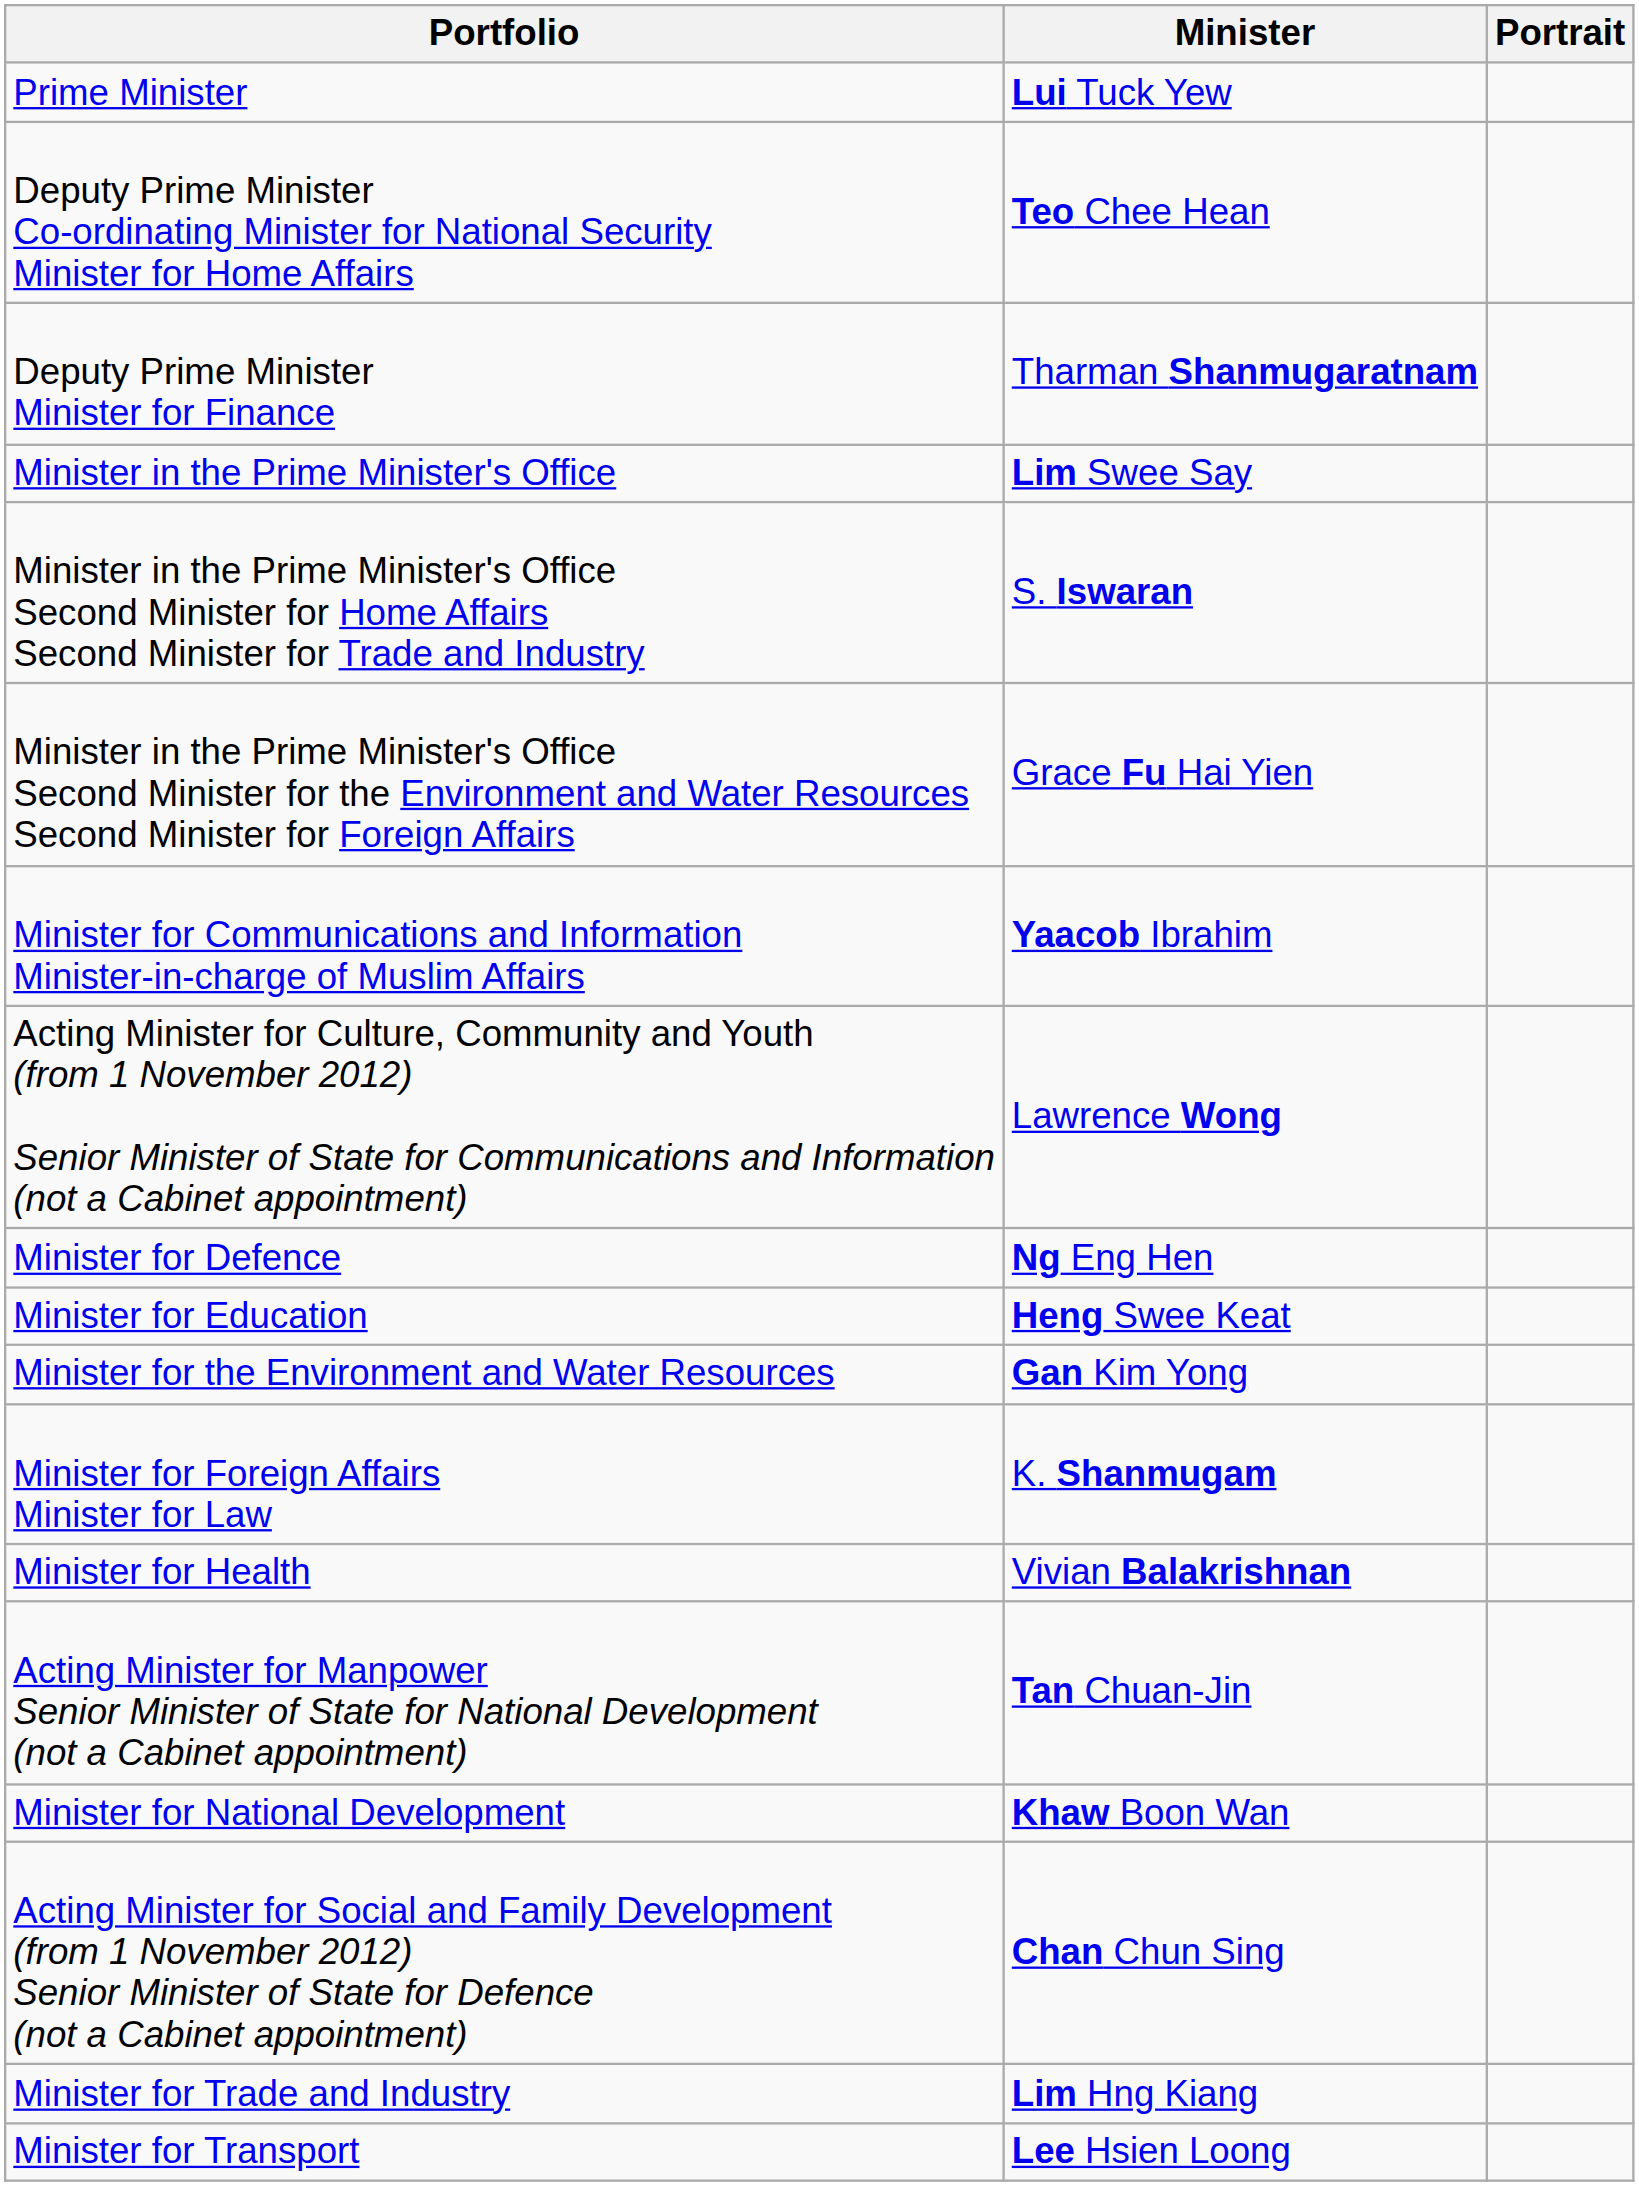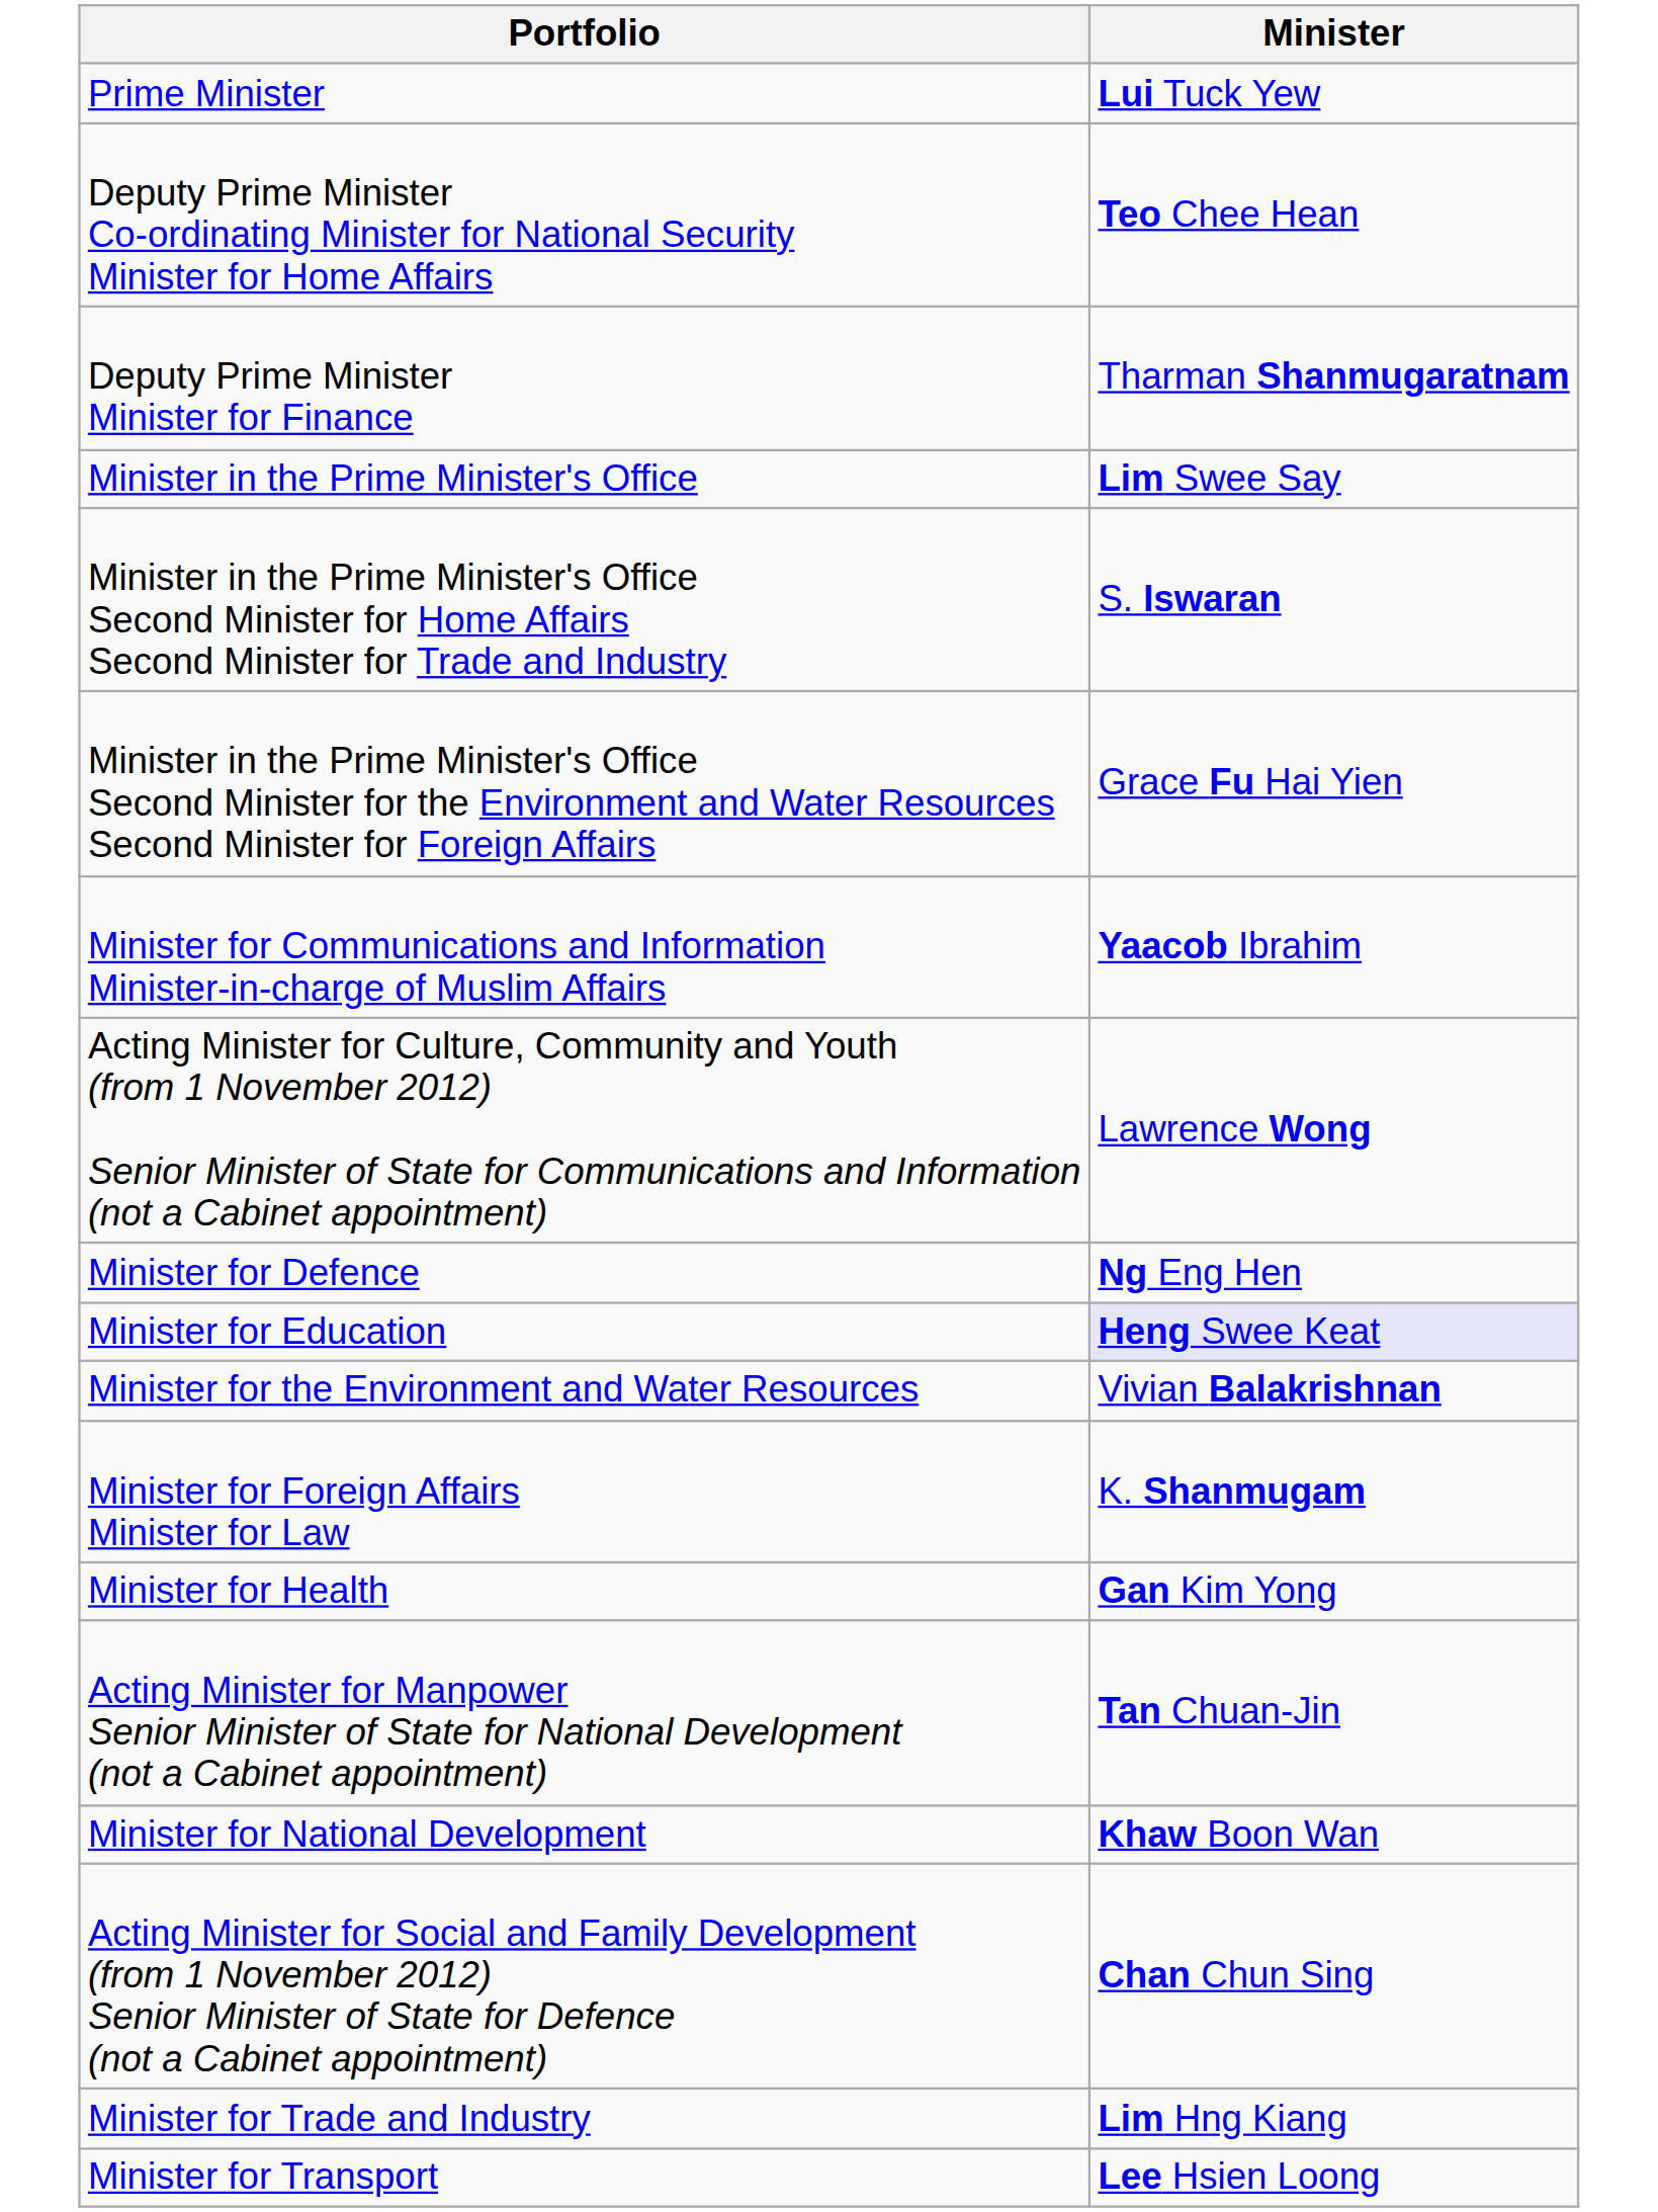 <table class="wikitable" style="margin: 1em auto 1em auto">
 <tr>
 <th>Portfolio</th>
 <th>Minister</th>
-<th>Portrait</th>
 </tr>
 <tr>
 <td><a href='#'>Prime Minister</a></td>
 <td><a href='#'><strong>Lui</strong> Tuck Yew</a></td>
-<td></td>
 </tr>
 <tr>
 <td><br>Deputy Prime Minister<br> <a href='#'>Co-ordinating Minister for National Security</a><br> <a href='#'>Minister for Home Affairs</a></td>
 <td><a href='#'><strong>Teo</strong> Chee Hean</a></td>
-<td></td>
 </tr>
 <tr>
 <td><br>Deputy Prime Minister<br> <a href='#'>Minister for Finance</a><br></td>
 <td><a href='#'>Tharman <strong>Shanmugaratnam</strong></a></td>
-<td></td>
 </tr>
 <tr>
 <td><a href='#'>Minister in the Prime Minister's Office</a></td>
 <td><a href='#'><strong>Lim</strong> Swee Say</a></td>
-<td></td>
 </tr>
 <tr>
 <td><br>Minister in the Prime Minister's Office<br> Second Minister for <a href='#'>Home Affairs</a><br> Second Minister for <a href='#'>Trade and Industry</a></td>
 <td><a href='#'>S. <strong>Iswaran</strong></a></td>
-<td></td>
 </tr>
 <tr>
 <td><br>Minister in the Prime Minister's Office<br> Second Minister for the <a href='#'>Environment and Water Resources</a><br> Second Minister for <a href='#'>Foreign Affairs</a></td>
 <td><a href='#'>Grace <strong>Fu</strong> Hai Yien</a></td>
-<td></td>
 </tr>
 <tr>
 <td><br><a href='#'>Minister for Communications and Information</a><br> <a href='#'>Minister-in-charge of Muslim Affairs</a></td>
 <td><a href='#'><strong>Yaacob</strong> Ibrahim</a></td>
-<td></td>
 </tr>
 <tr>
 <td>Acting Minister for Culture, Community and Youth<br><em>(from 1 November 2012)</em><br><br><em>Senior Minister of State for Communications and Information<br>(not a Cabinet appointment)</em></td>
 <td><a href='#'>Lawrence <strong>Wong</strong></a></td>
-<td></td>
 </tr>
 <tr>
 <td><a href='#'>Minister for Defence</a></td>
 <td><a href='#'><strong>Ng</strong> Eng Hen</a></td>
-<td></td>
 </tr>
 <tr>
 <td><a href='#'>Minister for Education</a></td>
-<td><a href='#'><strong>Heng</strong> Swee Keat</a></td>
-<td></td>
+<td style="background: lavender;"><a href='#'><strong>Heng</strong> Swee Keat</a></td>
 </tr>
 <tr>
 <td><a href='#'>Minister for the Environment and Water Resources</a></td>
-<td><a href='#'><strong>Gan</strong> Kim Yong</a></td>
-<td></td>
+<td><a href='#'>Vivian <strong>Balakrishnan</strong></a></td>
 </tr>
 <tr>
 <td><br><a href='#'>Minister for Foreign Affairs</a><br> <a href='#'>Minister for Law</a></td>
 <td><a href='#'>K. <strong>Shanmugam</strong></a></td>
-<td></td>
 </tr>
 <tr>
 <td><a href='#'>Minister for Health</a></td>
-<td><a href='#'>Vivian <strong>Balakrishnan</strong></a></td>
-<td></td>
+<td><a href='#'><strong>Gan</strong> Kim Yong</a></td>
 </tr>
 <tr>
 <td><br><a href='#'>Acting Minister for Manpower</a><br> <em>Senior Minister of State for National Development<br>(not a Cabinet appointment)</em></td>
 <td><a href='#'><strong>Tan</strong> Chuan-Jin</a></td>
-<td></td>
 </tr>
 <tr>
 <td><a href='#'>Minister for National Development</a></td>
 <td><a href='#'><strong>Khaw</strong> Boon Wan</a></td>
-<td></td>
 </tr>
 <tr>
 <td><br><a href='#'>Acting Minister for Social and Family Development</a><br><em>(from 1 November 2012)</em><br> <em>Senior Minister of State for Defence<br>(not a Cabinet appointment)</em></td>
 <td><a href='#'><strong>Chan</strong> Chun Sing</a></td>
-<td></td>
 </tr>
 <tr>
 <td><a href='#'>Minister for Trade and Industry</a></td>
 <td><a href='#'><strong>Lim</strong> Hng Kiang</a></td>
-<td></td>
 </tr>
 <tr>
 <td><a href='#'>Minister for Transport</a><br></td>
 <td><a href='#'><strong>Lee</strong> Hsien Loong</a></td>
-<td></td>
 </tr>
 </table>
